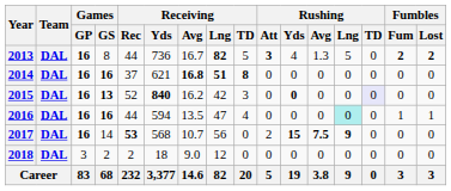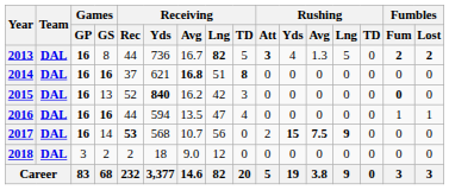 <table class=wikitable style="text-align:center;">
 <tr>
 <th rowspan="2">Year</th>
 <th rowspan="2">Team</th>
 <th colspan="2">Games</th>
 <th colspan="5">Receiving</th>
 <th colspan="5">Rushing</th>
 <th colspan="2">Fumbles</th>
 </tr>
 <tr>
 <th>GP</th>
 <th>GS</th>
 <th>Rec</th>
 <th>Yds</th>
 <th>Avg</th>
 <th>Lng</th>
 <th>TD</th>
 <th>Att</th>
 <th>Yds</th>
 <th>Avg</th>
 <th>Lng</th>
 <th>TD</th>
 <th>Fum</th>
 <th>Lost</th>
 </tr>
 <tr>
 <th><a href='#'>2013</a></th>
 <th><a href='#'>DAL</a></th>
 <td><strong>16</strong></td>
 <td>8</td>
 <td>44</td>
 <td>736</td>
 <td>16.7</td>
 <td><strong>82</strong></td>
 <td>5</td>
 <td><strong>3</strong></td>
 <td>4</td>
 <td>1.3</td>
 <td>5</td>
 <td>0</td>
 <td><strong>2</strong></td>
 <td><strong>2</strong></td>
 </tr>
 <tr>
 <th><a href='#'>2014</a></th>
 <th><a href='#'>DAL</a></th>
 <td><strong>16</strong></td>
 <td><strong>16</strong></td>
 <td>37</td>
 <td>621</td>
 <td><strong>16.8</strong></td>
-<td><strong>51</strong></td>
+<td>51</td>
 <td><strong>8</strong></td>
 <td>0</td>
 <td>0</td>
 <td>0</td>
 <td>0</td>
 <td>0</td>
 <td>0</td>
 <td>0</td>
 </tr>
 <tr>
 <th><a href='#'>2015</a></th>
 <th><a href='#'>DAL</a></th>
 <td><strong>16</strong></td>
-<td><strong>13</strong></td>
+<td>13</td>
 <td>52</td>
 <td><strong>840</strong></td>
 <td>16.2</td>
 <td>42</td>
 <td>3</td>
 <td>0</td>
-<td><strong>0</strong></td>
 <td>0</td>
 <td>0</td>
-<td style="background: lavender;">0</td>
 <td>0</td>
+<td>0</td>
+<td><strong>0</strong></td>
 <td>0</td>
 </tr>
 <tr>
 <th><a href='#'>2016</a></th>
 <th><a href='#'>DAL</a></th>
 <td><strong>16</strong></td>
 <td><strong>16</strong></td>
 <td>44</td>
 <td>594</td>
 <td>13.5</td>
 <td>47</td>
 <td>4</td>
 <td>0</td>
 <td>0</td>
 <td>0</td>
-<td style="background: paleturquoise;">0</td>
+<td>0</td>
 <td>0</td>
 <td>1</td>
 <td>1</td>
 </tr>
 <tr>
 <th><a href='#'>2017</a></th>
 <th><a href='#'>DAL</a></th>
 <td><strong>16</strong></td>
 <td>14</td>
 <td><strong>53</strong></td>
 <td>568</td>
 <td>10.7</td>
 <td>56</td>
 <td>0</td>
 <td>2</td>
 <td><strong>15</strong></td>
 <td><strong> 7.5</strong></td>
 <td><strong>9</strong></td>
 <td>0</td>
 <td>0</td>
 <td>0</td>
 </tr>
 <tr>
 <th><a href='#'>2018</a></th>
 <th><a href='#'>DAL</a></th>
 <td>3</td>
 <td>2</td>
 <td>2</td>
 <td>18</td>
 <td>9.0</td>
 <td>12</td>
 <td>0</td>
 <td>0</td>
 <td>0</td>
 <td>0</td>
 <td>0</td>
 <td>0</td>
 <td>0</td>
 <td>0</td>
 </tr>
 <tr>
 <th colspan="2">Career</th>
 <th>83</th>
 <th>68</th>
 <th>232</th>
 <th>3,377</th>
 <th>14.6</th>
 <th>82</th>
 <th>20</th>
 <th>5</th>
 <th>19</th>
 <th>3.8</th>
 <th>9</th>
 <th>0</th>
 <th>3</th>
 <th>3</th>
 </tr>
 </table>
